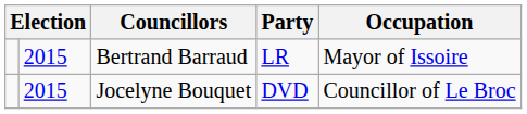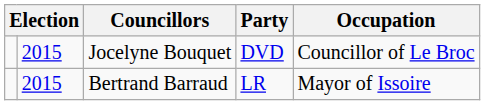 <table class="wikitable">
 <tr>
 <th colspan="2">Election</th>
 <th>Councillors</th>
 <th>Party</th>
 <th>Occupation</th>
 </tr>
 <tr>
 <td style="background-color: "></td>
 <td><a href='#'>2015</a></td>
+<td>Jocelyne Bouquet</td>
+<td><a href='#'>DVD</a></td>
+<td>Councillor of <a href='#'>Le Broc</a></td>
+</tr>
+<tr>
+<td style="background-color: "></td>
+<td><a href='#'>2015</a></td>
 <td>Bertrand Barraud</td>
 <td><a href='#'>LR</a></td>
 <td>Mayor of <a href='#'>Issoire</a></td>
 </tr>
-<tr>
-<td style="background-color: "></td>
-<td><a href='#'>2015</a></td>
-<td>Jocelyne Bouquet</td>
-<td><a href='#'>DVD</a></td>
-<td>Councillor of <a href='#'>Le Broc</a></td>
-</tr>
 </table>
